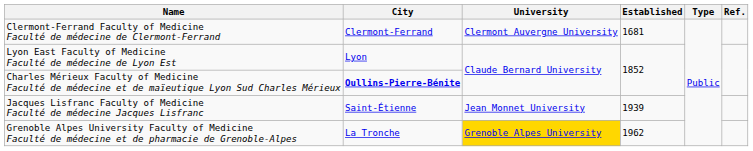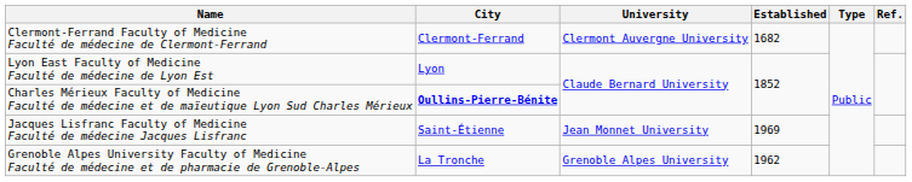 <table class="wikitable">
 <tr>
 <th>Name</th>
 <th>City</th>
 <th>University</th>
 <th>Established</th>
 <th>Type</th>
 <th>Ref.</th>
 </tr>
 <tr>
 <td>Clermont-Ferrand Faculty of Medicine<br><em>Faculté de médecine de Clermont-Ferrand</em></td>
 <td><a href='#'>Clermont-Ferrand</a></td>
 <td><a href='#'>Clermont Auvergne University</a></td>
-<td>1681</td>
+<td>1682</td>
 <td rowspan="5"><a href='#'>Public</a></td>
 <td></td>
 </tr>
 <tr>
 <td>Lyon East Faculty of Medicine<br><em>Faculté de médecine de Lyon Est</em></td>
 <td><a href='#'>Lyon</a></td>
 <td rowspan="2"><a href='#'>Claude Bernard University</a></td>
 <td rowspan="2">1852</td>
 <td rowspan="2"></td>
 </tr>
 <tr>
 <td>Charles Mérieux Faculty of Medicine<br><em>Faculté de médecine et de maïeutique Lyon Sud Charles Mérieux</em></td>
 <td><strong><a href='#'>Oullins-Pierre-Bénite</a></strong></td>
 </tr>
 <tr>
 <td>Jacques Lisfranc Faculty of Medicine<br><em>Faculté de médecine Jacques Lisfranc</em></td>
 <td><a href='#'>Saint-Étienne</a></td>
 <td><a href='#'>Jean Monnet University</a></td>
-<td>1939</td>
+<td>1969</td>
 <td></td>
 </tr>
 <tr>
 <td>Grenoble Alpes University Faculty of Medicine<br><em>Faculté de médecine et de pharmacie de Grenoble-Alpes</em></td>
 <td><a href='#'>La Tronche</a></td>
-<td style="background: gold;"><a href='#'>Grenoble Alpes University</a></td>
+<td><a href='#'>Grenoble Alpes University</a></td>
 <td>1962</td>
 <td></td>
 </tr>
 </table>
